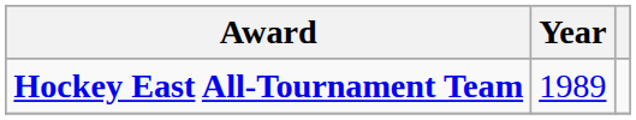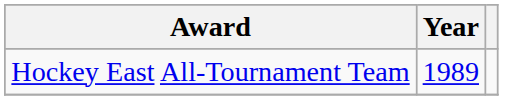 <table class="wikitable">
 <tr>
 <th>Award</th>
 <th>Year</th>
 <th></th>
 </tr>
 <tr>
-<td><strong><a href='#'>Hockey East</a> <a href='#'>All-Tournament Team</a></strong></td>
+<td><a href='#'>Hockey East</a> <a href='#'>All-Tournament Team</a></td>
 <td><a href='#'>1989</a></td>
 <td></td>
 </tr>
 <tr>
 </tr>
 </table>
